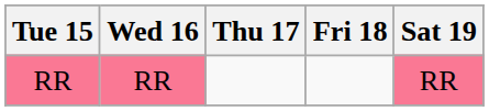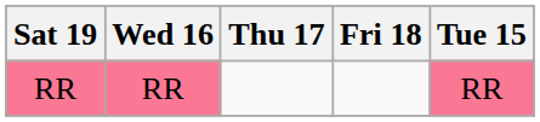 <table class="wikitable" style="margin:0.5em auto; font-size:90%; line-height:1.25em; text-align:center">
 <tr>
-<th>Tue 15</th>
+<th>Sat 19</th>
 <th>Wed 16</th>
 <th>Thu 17</th>
 <th>Fri 18</th>
-<th>Sat 19</th>
+<th>Tue 15</th>
 </tr>
 <tr>
 <td bgcolor="#FA7894">RR</td>
 <td bgcolor="#FA7894">RR</td>
 <td></td>
 <td></td>
 <td bgcolor="#FA7894">RR</td>
 </tr>
 </table>
